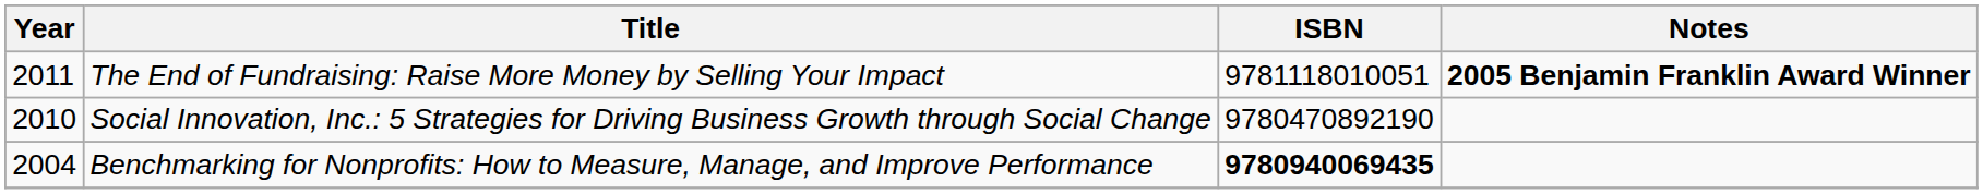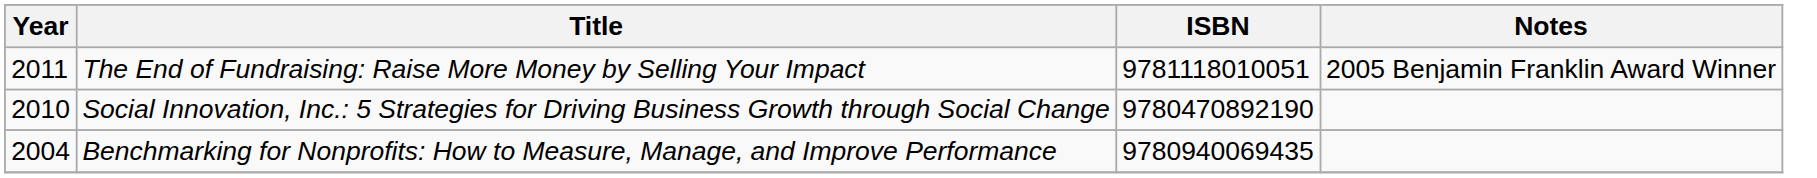 <table class="wikitable sortable" style="font-size:90%; text-align:left">
 <tr>
 <th>Year</th>
 <th>Title</th>
 <th>ISBN</th>
 <th>Notes</th>
 </tr>
 <tr>
 <td>2011</td>
 <td><em>The End of Fundraising: Raise More Money by Selling Your Impact</em></td>
 <td>9781118010051</td>
-<td><strong>2005 Benjamin Franklin Award Winner</strong></td>
+<td>2005 Benjamin Franklin Award Winner</td>
 </tr>
 <tr>
 <td>2010</td>
 <td><em>Social Innovation, Inc.: 5 Strategies for Driving Business Growth through Social Change</em></td>
 <td>9780470892190</td>
 <td></td>
 </tr>
 <tr>
 <td>2004</td>
 <td><em>Benchmarking for Nonprofits: How to Measure, Manage, and Improve Performance</em></td>
-<td><strong>9780940069435</strong></td>
+<td>9780940069435</td>
 <td></td>
 </tr>
 <tr>
 </tr>
 </table>
